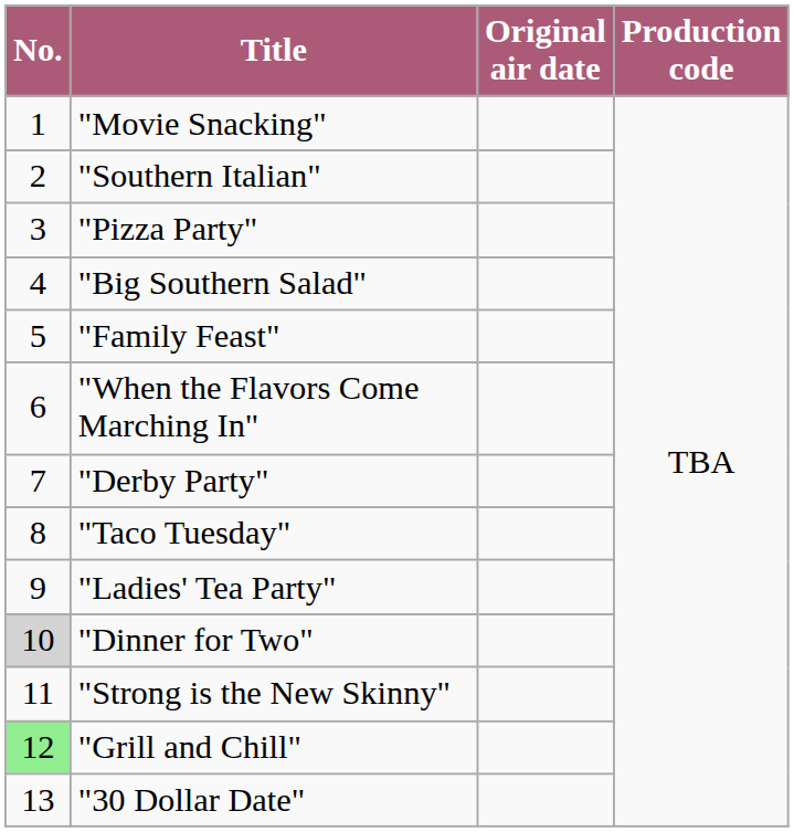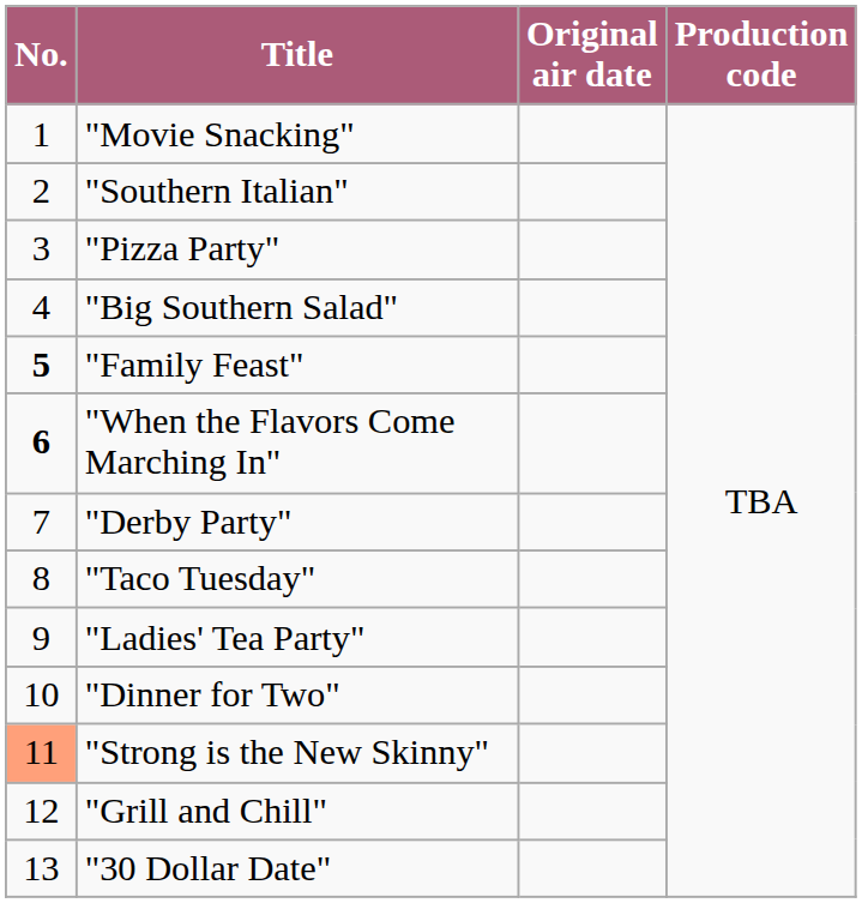 <table class="wikitable plainrowheaders" style="width:60%;">
 <tr>
 <th style="background-color: #ab5b78; color: #FFFFFF;" width=5%>No.</th>
 <th style="background-color: #ab5b78; color: #FFFFFF;" width=60%>Title</th>
 <th style="background-color: #ab5b78; color: #FFFFFF;">Original air date</th>
 <th style="background-color: #ab5b78; color: #FFFFFF;">Production code</th>
 </tr>
 <tr>
 <td align=center>1</td>
 <td>"Movie Snacking"</td>
 <td align=center></td>
 <td align=center rowspan=13>TBA</td>
 </tr>
 <tr>
 <td align=center>2</td>
 <td>"Southern Italian"</td>
 <td align=center></td>
 </tr>
 <tr>
 <td align=center>3</td>
 <td>"Pizza Party"</td>
 <td align=center></td>
 </tr>
 <tr>
 <td align=center>4</td>
 <td>"Big Southern Salad"</td>
 <td align=center></td>
 </tr>
 <tr>
-<td align=center>5</td>
+<td align=center><strong>5</strong></td>
 <td>"Family Feast"</td>
 <td align=center></td>
 </tr>
 <tr>
-<td align=center>6</td>
+<td align=center><strong>6</strong></td>
 <td>"When the Flavors Come Marching In"</td>
 <td align=center></td>
 </tr>
 <tr>
 <td align=center>7</td>
 <td>"Derby Party"</td>
 <td align=center></td>
 </tr>
 <tr>
 <td align=center>8</td>
 <td>"Taco Tuesday"</td>
 <td align=center></td>
 </tr>
 <tr>
 <td align=center>9</td>
 <td>"Ladies' Tea Party"</td>
 <td align=center></td>
 </tr>
 <tr>
-<td align=center style="background: lightgrey;">10</td>
+<td align=center>10</td>
 <td>"Dinner for Two"</td>
 <td align=center></td>
 </tr>
 <tr>
-<td align=center>11</td>
+<td align=center style="background: lightsalmon;">11</td>
 <td>"Strong is the New Skinny"</td>
 <td align=center></td>
 </tr>
 <tr>
-<td align=center style="background: lightgreen;">12</td>
+<td align=center>12</td>
 <td>"Grill and Chill"</td>
 <td align=center></td>
 </tr>
 <tr>
 <td align=center>13</td>
 <td>"30 Dollar Date"</td>
 <td align=center></td>
 </tr>
 </table>
